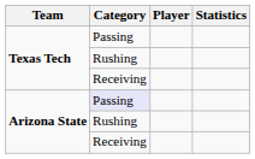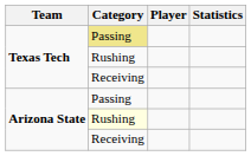 <table class="wikitable" style="float: right;">
 <tr>
 <th>Team</th>
 <th>Category</th>
 <th>Player</th>
 <th>Statistics</th>
 </tr>
 <tr>
 <td rowspan=3><strong>Texas Tech</strong></td>
-<td>Passing</td>
+<td style="background: khaki;">Passing</td>
 <td></td>
 <td></td>
 </tr>
 <tr>
 <td>Rushing</td>
 <td></td>
 <td></td>
 </tr>
 <tr>
 <td>Receiving</td>
 <td></td>
 <td></td>
 </tr>
 <tr>
 <td rowspan=3><strong>Arizona State</strong></td>
-<td style="background: lavender;">Passing</td>
+<td>Passing</td>
 <td></td>
 <td></td>
 </tr>
 <tr>
-<td>Rushing</td>
+<td style="background: lightyellow;">Rushing</td>
 <td></td>
 <td></td>
 </tr>
 <tr>
 <td>Receiving</td>
 <td></td>
 <td></td>
 </tr>
 </table>
